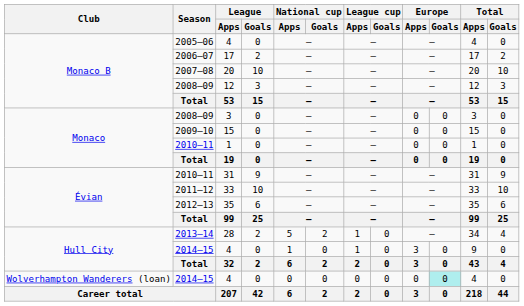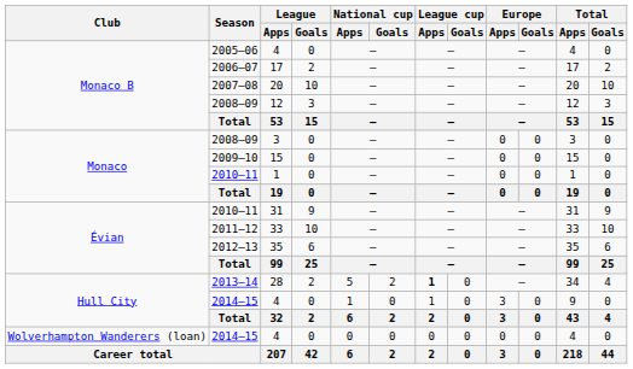 <table class="wikitable" style="text-align: center;">
 <tr>
 <th rowspan="2">Club</th>
 <th rowspan="2">Season</th>
 <th colspan="2">League</th>
 <th colspan="2">National cup</th>
 <th colspan="2">League cup</th>
 <th colspan="2">Europe</th>
 <th colspan="2">Total</th>
 </tr>
 <tr>
 <th>Apps</th>
 <th>Goals</th>
 <th>Apps</th>
 <th>Goals</th>
 <th>Apps</th>
 <th>Goals</th>
 <th>Apps</th>
 <th>Goals</th>
 <th>Apps</th>
 <th>Goals</th>
 </tr>
 <tr>
 <td rowspan="5"><a href='#'>Monaco B</a></td>
 <td>2005–06</td>
 <td>4</td>
 <td>0</td>
 <td colspan="2">–</td>
 <td colspan="2">–</td>
 <td colspan="2">–</td>
 <td>4</td>
 <td>0</td>
 </tr>
 <tr>
 <td>2006–07</td>
 <td>17</td>
 <td>2</td>
 <td colspan="2">–</td>
 <td colspan="2">–</td>
 <td colspan="2">–</td>
 <td>17</td>
 <td>2</td>
 </tr>
 <tr>
 <td>2007–08</td>
 <td>20</td>
 <td>10</td>
 <td colspan="2">–</td>
 <td colspan="2">–</td>
 <td colspan="2">–</td>
 <td>20</td>
 <td>10</td>
 </tr>
 <tr>
 <td>2008–09</td>
 <td>12</td>
 <td>3</td>
 <td colspan="2">–</td>
 <td colspan="2">–</td>
 <td colspan="2">–</td>
 <td>12</td>
 <td>3</td>
 </tr>
 <tr>
 <th colspan="1">Total</th>
 <th>53</th>
 <th>15</th>
 <th colspan="2">–</th>
 <th colspan="2">–</th>
 <th colspan="2">–</th>
 <th>53</th>
 <th>15</th>
 </tr>
 <tr>
 <td rowspan="4"><a href='#'>Monaco</a></td>
 <td>2008–09</td>
 <td>3</td>
 <td>0</td>
 <td colspan="2">–</td>
 <td colspan="2">–</td>
 <td>0</td>
 <td>0</td>
 <td>3</td>
 <td>0</td>
 </tr>
 <tr>
 <td>2009–10</td>
 <td>15</td>
 <td>0</td>
 <td colspan="2">–</td>
 <td colspan="2">–</td>
 <td>0</td>
 <td>0</td>
 <td>15</td>
 <td>0</td>
 </tr>
 <tr>
 <td><a href='#'>2010–11</a></td>
 <td>1</td>
 <td>0</td>
 <td colspan="2">–</td>
 <td colspan="2">–</td>
 <td>0</td>
 <td>0</td>
 <td>1</td>
 <td>0</td>
 </tr>
 <tr>
 <th colspan="1">Total</th>
 <th>19</th>
 <th>0</th>
 <th colspan="2">–</th>
 <th colspan="2">–</th>
 <th>0</th>
 <th>0</th>
 <th>19</th>
 <th>0</th>
 </tr>
 <tr>
 <td rowspan="4"><a href='#'>Évian</a></td>
 <td>2010–11</td>
 <td>31</td>
 <td>9</td>
 <td colspan="2">–</td>
 <td colspan="2">–</td>
 <td colspan="2">–</td>
 <td>31</td>
 <td>9</td>
 </tr>
 <tr>
 <td>2011–12</td>
 <td>33</td>
 <td>10</td>
 <td colspan="2">–</td>
 <td colspan="2">–</td>
 <td colspan="2">–</td>
 <td>33</td>
 <td>10</td>
 </tr>
 <tr>
 <td>2012–13</td>
 <td>35</td>
 <td>6</td>
 <td colspan="2">–</td>
 <td colspan="2">–</td>
 <td colspan="2">–</td>
 <td>35</td>
 <td>6</td>
 </tr>
 <tr>
 <th colspan="1">Total</th>
 <th>99</th>
 <th>25</th>
 <th colspan="2">–</th>
 <th colspan="2">–</th>
 <th colspan="2">–</th>
 <th>99</th>
 <th>25</th>
 </tr>
 <tr>
 <td rowspan="3"><a href='#'>Hull City</a></td>
 <td><a href='#'>2013–14</a></td>
 <td>28</td>
 <td>2</td>
 <td>5</td>
 <td>2</td>
-<td>1</td>
+<td><strong>1</strong></td>
 <td>0</td>
 <td colspan="2">—</td>
 <td>34</td>
 <td>4</td>
 </tr>
 <tr>
 <td><a href='#'>2014–15</a></td>
 <td>4</td>
 <td>0</td>
 <td>1</td>
 <td>0</td>
 <td>1</td>
 <td>0</td>
 <td>3</td>
 <td>0</td>
 <td>9</td>
 <td>0</td>
 </tr>
 <tr>
 <th colspan="1">Total</th>
 <th>32</th>
 <th>2</th>
 <th>6</th>
 <th>2</th>
 <th>2</th>
 <th>0</th>
 <th>3</th>
 <th>0</th>
 <th>43</th>
 <th>4</th>
 </tr>
 <tr>
 <td><a href='#'>Wolverhampton Wanderers</a> (loan)</td>
 <td><a href='#'>2014–15</a></td>
 <td>4</td>
 <td>0</td>
 <td>0</td>
 <td>0</td>
 <td>0</td>
 <td>0</td>
 <td>0</td>
-<td style="background: paleturquoise;">0</td>
+<td>0</td>
 <td>4</td>
 <td>0</td>
 </tr>
 <tr>
 <th colspan="2">Career total</th>
 <th>207</th>
 <th>42</th>
 <th>6</th>
 <th>2</th>
 <th>2</th>
 <th>0</th>
 <th>3</th>
 <th>0</th>
 <th>218</th>
 <th>44</th>
 </tr>
 </table>
